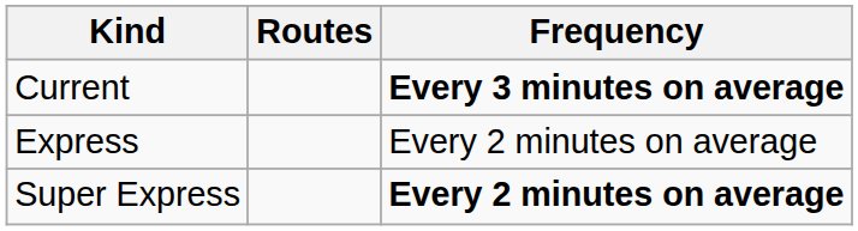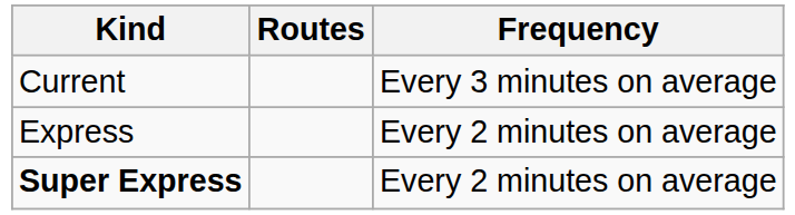 <table class="wikitable" style="margin:1em auto;">
 <tr>
 <th>Kind</th>
 <th>Routes</th>
 <th>Frequency</th>
 </tr>
 <tr>
 <td>Current</td>
 <td>  </td>
-<td><strong>Every 3 minutes on average</strong></td>
+<td>Every 3 minutes on average</td>
 </tr>
 <tr>
 <td>Express</td>
 <td> </td>
 <td>Every 2 minutes on average</td>
 </tr>
 <tr>
-<td>Super Express</td>
+<td><strong>Super Express</strong></td>
 <td> </td>
-<td><strong>Every 2 minutes on average</strong></td>
+<td>Every 2 minutes on average</td>
 </tr>
 </table>
